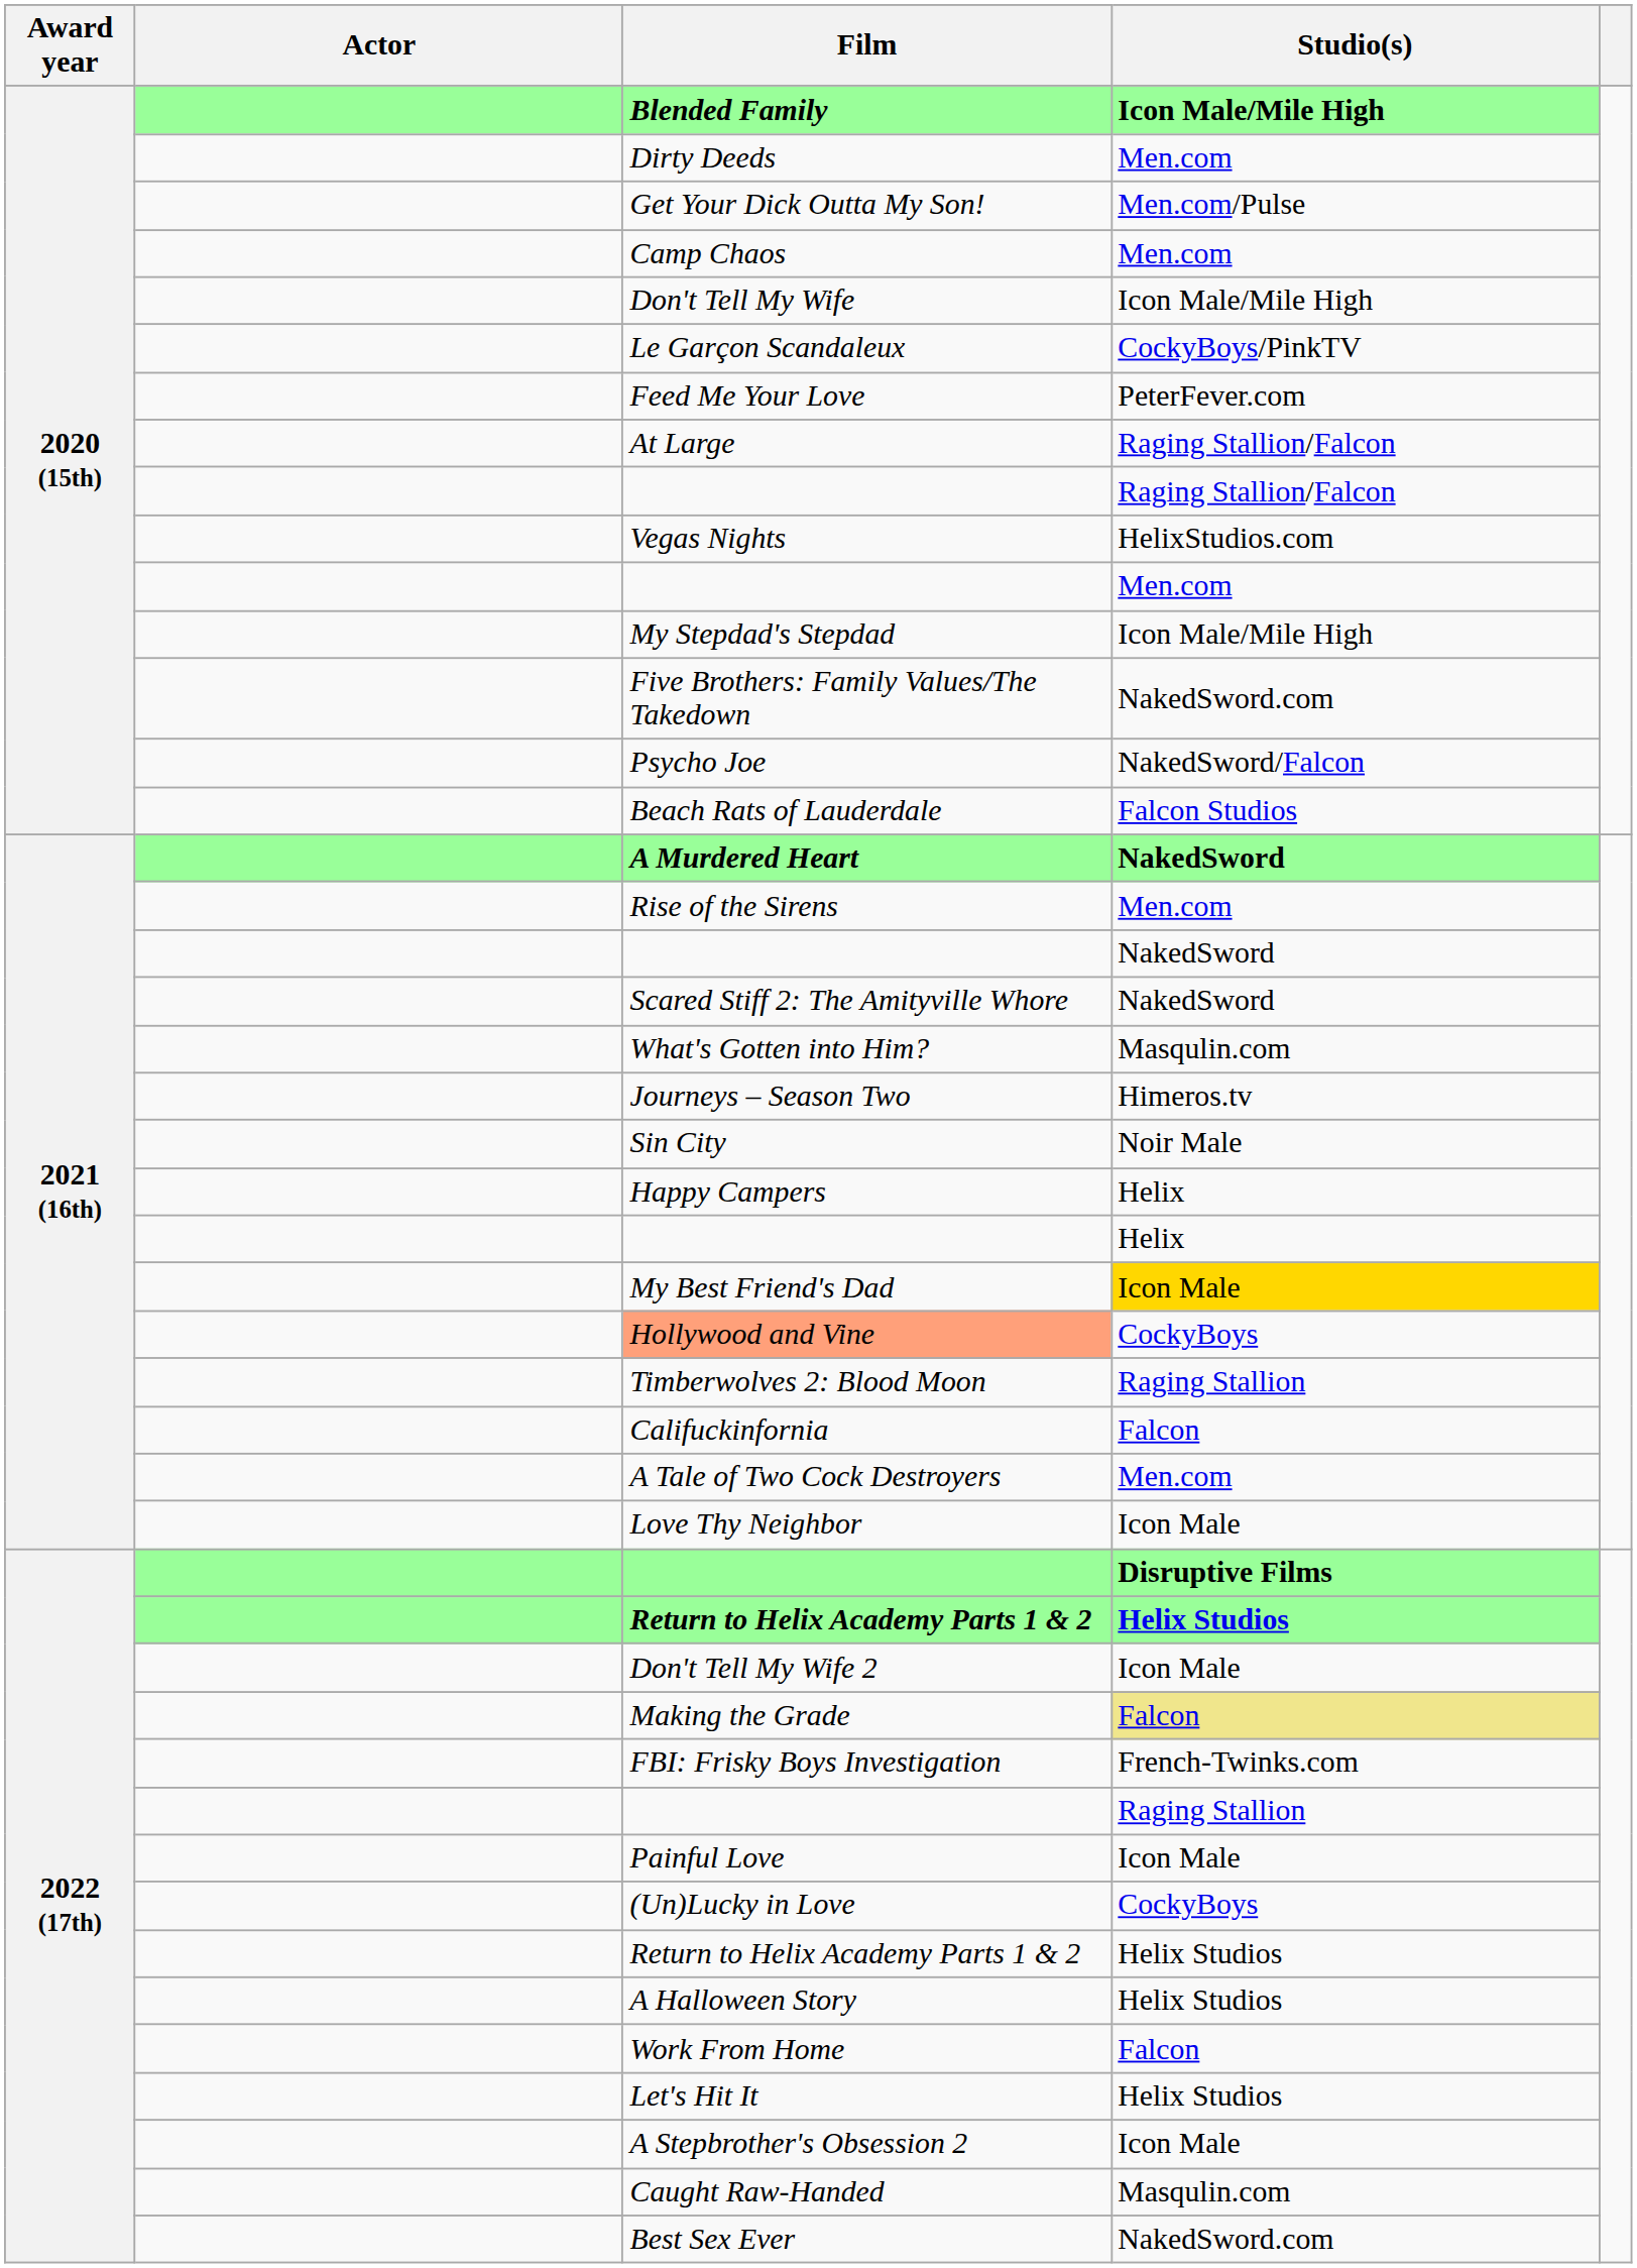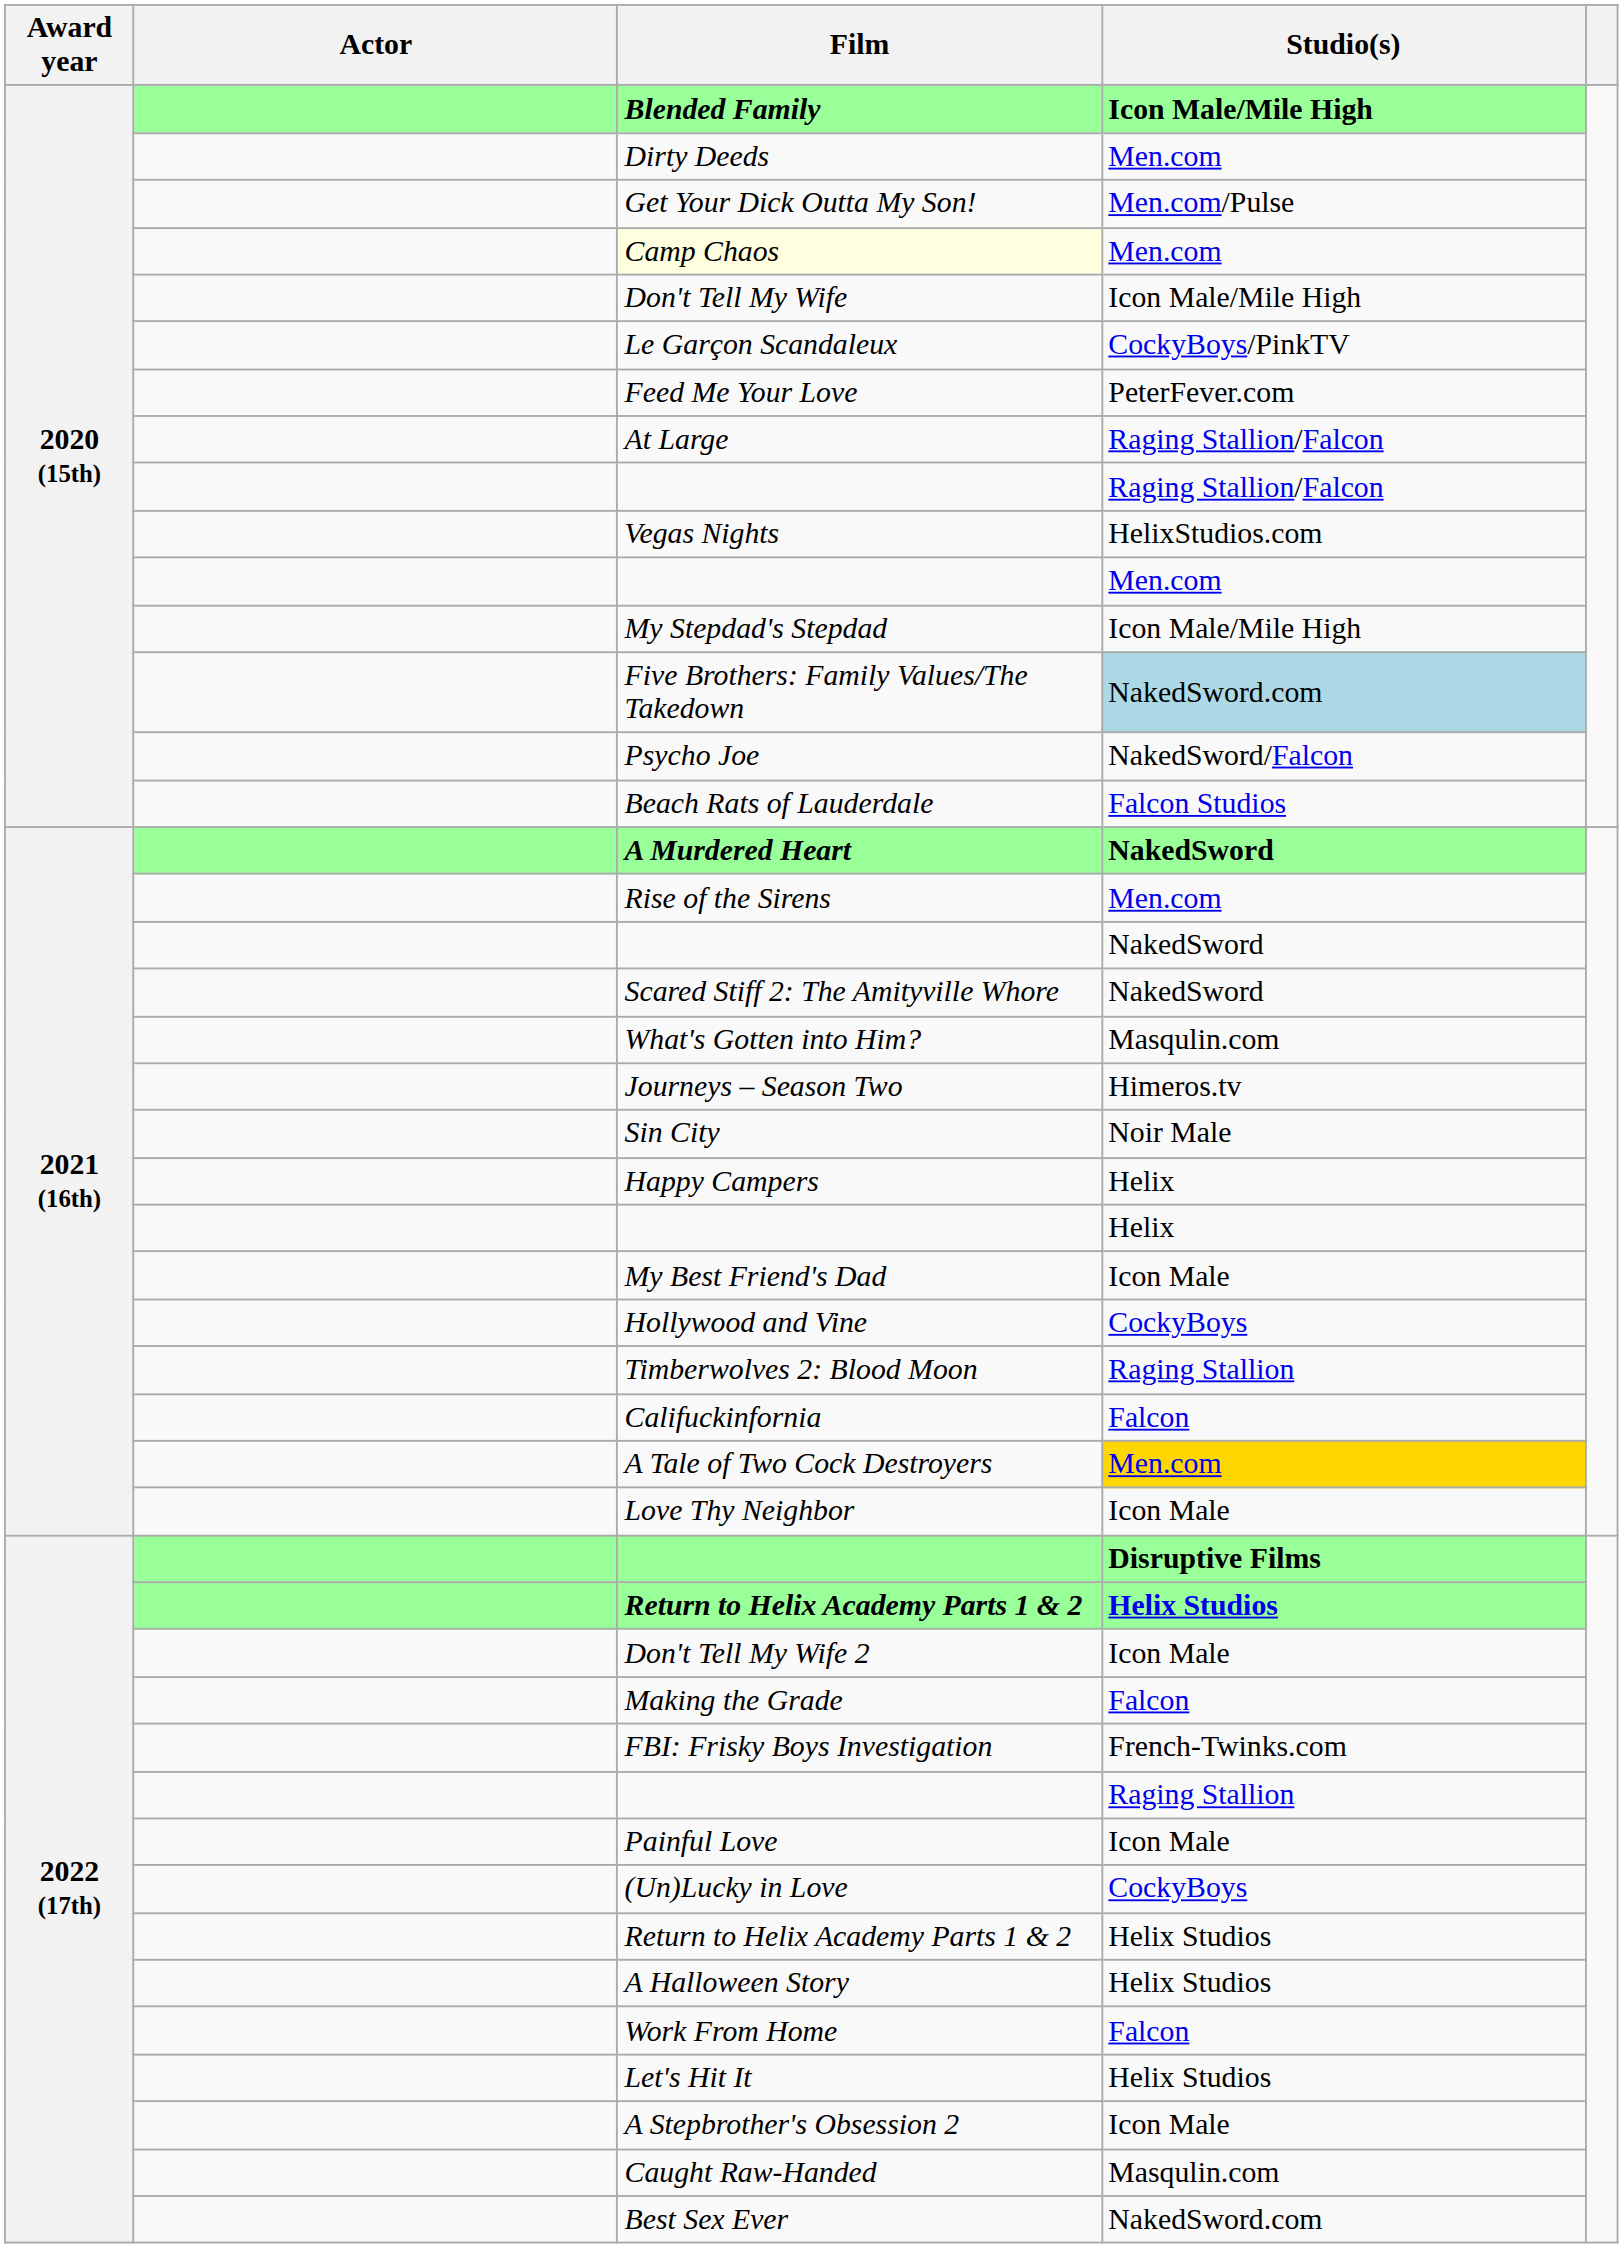 <table class="wikitable sortable">
 <tr>
 <th scope="col" style="width:8%">Award year</th>
 <th scope="col" style="width:30%">Actor</th>
 <th scope="col" style="width:30%">Film</th>
 <th scope="col" style="width:30%">Studio(s)</th>
 <th scope="col" style="width:2%" class="unsortable"></th>
 </tr>
 <tr>
 <th scope="rowgroup" rowspan="15" style="text-align:center">2020<br><small>(15th)</small></th>
 <td style="background:#99ff99;"><strong> </strong></td>
 <td style="background:#99ff99;"><strong><em>Blended Family</em></strong></td>
 <td style="background:#99ff99;"><strong>Icon Male/Mile High</strong></td>
 <td rowspan="15" align=center><br><br><br><br></td>
 </tr>
 <tr>
 <td></td>
 <td><em>Dirty Deeds</em></td>
 <td><a href='#'>Men.com</a></td>
 </tr>
 <tr>
 <td></td>
 <td><em>Get Your Dick Outta My Son!</em></td>
 <td><a href='#'>Men.com</a>/Pulse</td>
 </tr>
 <tr>
 <td></td>
-<td><em>Camp Chaos</em></td>
+<td style="background: lightyellow;"><em>Camp Chaos</em></td>
 <td><a href='#'>Men.com</a></td>
 </tr>
 <tr>
 <td></td>
 <td><em>Don't Tell My Wife</em></td>
 <td>Icon Male/Mile High</td>
 </tr>
 <tr>
 <td></td>
 <td><em>Le Garçon Scandaleux</em></td>
 <td><a href='#'>CockyBoys</a>/PinkTV</td>
 </tr>
 <tr>
 <td></td>
 <td><em>Feed Me Your Love</em></td>
 <td>PeterFever.com</td>
 </tr>
 <tr>
 <td></td>
 <td><em>At Large</em></td>
 <td><a href='#'>Raging Stallion</a>/<a href='#'>Falcon</a></td>
 </tr>
 <tr>
 <td></td>
 <td><em></em></td>
 <td><a href='#'>Raging Stallion</a>/<a href='#'>Falcon</a></td>
 </tr>
 <tr>
 <td></td>
 <td><em>Vegas Nights</em></td>
 <td>HelixStudios.com</td>
 </tr>
 <tr>
 <td></td>
 <td><em></em></td>
 <td><a href='#'>Men.com</a></td>
 </tr>
 <tr>
 <td></td>
 <td><em>My Stepdad's Stepdad</em></td>
 <td>Icon Male/Mile High</td>
 </tr>
 <tr>
 <td></td>
 <td><em>Five Brothers: Family Values/The Takedown</em></td>
-<td>NakedSword.com</td>
+<td style="background: lightblue;">NakedSword.com</td>
 </tr>
 <tr>
 <td></td>
 <td><em>Psycho Joe</em></td>
 <td>NakedSword/<a href='#'>Falcon</a></td>
 </tr>
 <tr>
 <td></td>
 <td><em>Beach Rats of Lauderdale</em></td>
 <td><a href='#'>Falcon Studios</a></td>
 </tr>
 <tr>
 <th scope="rowgroup" rowspan="15" style="text-align:center">2021<br><small>(16th)</small></th>
 <td style="background:#99ff99;"><strong> </strong></td>
 <td style="background:#99ff99;"><strong><em>A Murdered Heart</em></strong></td>
 <td style="background:#99ff99;"><strong>NakedSword</strong></td>
 <td rowspan="15" align=center><br><br></td>
 </tr>
 <tr>
 <td></td>
 <td><em>Rise of the Sirens</em></td>
 <td><a href='#'>Men.com</a></td>
 </tr>
 <tr>
 <td></td>
 <td><em></em></td>
 <td>NakedSword</td>
 </tr>
 <tr>
 <td></td>
 <td><em>Scared Stiff 2: The Amityville Whore</em></td>
 <td>NakedSword</td>
 </tr>
 <tr>
 <td></td>
 <td><em>What's Gotten into Him?</em></td>
 <td>Masqulin.com</td>
 </tr>
 <tr>
 <td></td>
 <td><em>Journeys – Season Two</em></td>
 <td>Himeros.tv</td>
 </tr>
 <tr>
 <td></td>
 <td><em>Sin City</em></td>
 <td>Noir Male</td>
 </tr>
 <tr>
 <td></td>
 <td><em>Happy Campers</em></td>
 <td>Helix</td>
 </tr>
 <tr>
 <td></td>
 <td><em></em></td>
 <td>Helix</td>
 </tr>
 <tr>
 <td></td>
 <td><em>My Best Friend's Dad</em></td>
-<td style="background: gold;">Icon Male</td>
+<td>Icon Male</td>
 </tr>
 <tr>
 <td></td>
-<td style="background: lightsalmon;"><em>Hollywood and Vine</em></td>
+<td><em>Hollywood and Vine</em></td>
 <td><a href='#'>CockyBoys</a></td>
 </tr>
 <tr>
 <td></td>
 <td><em>Timberwolves 2: Blood Moon</em></td>
 <td><a href='#'>Raging Stallion</a></td>
 </tr>
 <tr>
 <td></td>
 <td><em>Califuckinfornia</em></td>
 <td><a href='#'>Falcon</a></td>
 </tr>
 <tr>
 <td></td>
 <td><em>A Tale of Two Cock Destroyers</em></td>
-<td><a href='#'>Men.com</a></td>
+<td style="background: gold;"><a href='#'>Men.com</a></td>
 </tr>
 <tr>
 <td></td>
 <td><em>Love Thy Neighbor</em></td>
 <td>Icon Male</td>
 </tr>
 <tr>
 <th scope="rowgroup" rowspan="15" style="text-align:center">2022<br><small>(17th)</small></th>
 <td style="background:#99ff99;"><strong> </strong></td>
 <td style="background:#99ff99;"><strong><em></em></strong></td>
 <td style="background:#99ff99;"><strong>Disruptive Films</strong></td>
 <td rowspan="15" align=center><br></td>
 </tr>
 <tr>
 <td style="background:#99ff99;"><strong> </strong></td>
 <td style="background:#99ff99;"><strong><em>Return to Helix Academy Parts 1 & 2</em></strong></td>
 <td style="background:#99ff99;"><strong><a href='#'>Helix Studios</a></strong></td>
 </tr>
 <tr>
 <td></td>
 <td><em>Don't Tell My Wife 2</em></td>
 <td>Icon Male</td>
 </tr>
 <tr>
 <td></td>
 <td><em>Making the Grade</em></td>
-<td style="background: khaki;"><a href='#'>Falcon</a></td>
+<td><a href='#'>Falcon</a></td>
 </tr>
 <tr>
 <td></td>
 <td><em>FBI: Frisky Boys Investigation</em></td>
 <td>French-Twinks.com</td>
 </tr>
 <tr>
 <td></td>
 <td><em></em></td>
 <td><a href='#'>Raging Stallion</a></td>
 </tr>
 <tr>
 <td></td>
 <td><em>Painful Love</em></td>
 <td>Icon Male</td>
 </tr>
 <tr>
 <td></td>
 <td><em>(Un)Lucky in Love</em></td>
 <td><a href='#'>CockyBoys</a></td>
 </tr>
 <tr>
 <td></td>
 <td><em>Return to Helix Academy Parts 1 & 2</em></td>
 <td>Helix Studios</td>
 </tr>
 <tr>
 <td></td>
 <td><em>A Halloween Story</em></td>
 <td>Helix Studios</td>
 </tr>
 <tr>
 <td></td>
 <td><em>Work From Home</em></td>
 <td><a href='#'>Falcon</a></td>
 </tr>
 <tr>
 <td></td>
 <td><em>Let's Hit It</em></td>
 <td>Helix Studios</td>
 </tr>
 <tr>
 <td></td>
 <td><em>A Stepbrother's Obsession 2</em></td>
 <td>Icon Male</td>
 </tr>
 <tr>
 <td></td>
 <td><em>Caught Raw-Handed</em></td>
 <td>Masqulin.com</td>
 </tr>
 <tr>
 <td></td>
 <td><em>Best Sex Ever</em></td>
 <td>NakedSword.com</td>
 </tr>
 </table>
